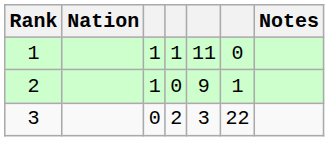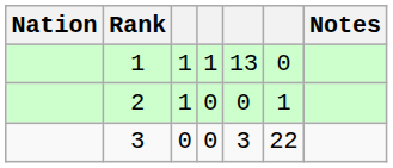 <table class="wikitable sortable" style="text-align: center;">
 <tr>
+<th>Nation</th>
 <th>Rank</th>
-<th>Nation</th>
 <th></th>
 <th></th>
 <th></th>
 <th></th>
 <th>Notes</th>
 </tr>
 <tr style="background:#cfc;">
-<td>1</td>
 <td align=left></td>
 <td>1</td>
 <td>1</td>
-<td>11</td>
+<td>1</td>
+<td>13</td>
 <td>0</td>
 <td></td>
 </tr>
 <tr style="background:#cfc;">
+<td align=left></td>
 <td>2</td>
-<td align=left></td>
 <td>1</td>
 <td>0</td>
-<td>9</td>
+<td>0</td>
 <td>1</td>
 <td></td>
 </tr>
 <tr>
+<td align=left></td>
 <td>3</td>
-<td align=left></td>
 <td>0</td>
-<td>2</td>
+<td>0</td>
 <td>3</td>
 <td>22</td>
 <td></td>
 </tr>
 </table>
